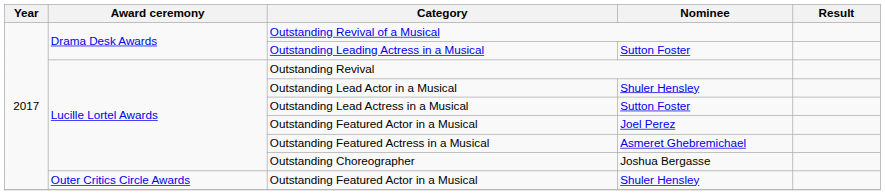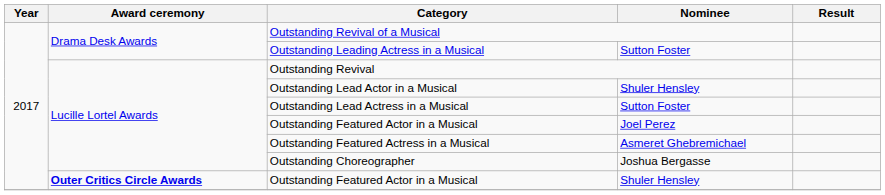 <table class="wikitable" width="95%">
 <tr>
 <th width="5%">Year</th>
 <th width="25%">Award ceremony</th>
 <th width="40%">Category</th>
 <th width="20%">Nominee</th>
 <th width="10%">Result</th>
 </tr>
 <tr>
 <td rowspan="9" align="center">2017</td>
 <td rowspan="2"><a href='#'>Drama Desk Awards</a></td>
 <td colspan="2"><a href='#'>Outstanding Revival of a Musical</a></td>
 <td></td>
 </tr>
 <tr>
 <td><a href='#'>Outstanding Leading Actress in a Musical</a></td>
 <td><a href='#'>Sutton Foster</a></td>
 <td></td>
 </tr>
 <tr>
 <td rowspan="6"><a href='#'>Lucille Lortel Awards</a></td>
 <td colspan="2">Outstanding Revival</td>
 <td></td>
 </tr>
 <tr>
 <td>Outstanding Lead Actor in a Musical</td>
 <td><a href='#'>Shuler Hensley</a></td>
 <td></td>
 </tr>
 <tr>
 <td>Outstanding Lead Actress in a Musical</td>
 <td><a href='#'>Sutton Foster</a></td>
 <td></td>
 </tr>
 <tr>
 <td>Outstanding Featured Actor in a Musical</td>
 <td><a href='#'>Joel Perez</a></td>
 <td></td>
 </tr>
 <tr>
 <td>Outstanding Featured Actress in a Musical</td>
 <td><a href='#'>Asmeret Ghebremichael</a></td>
 <td></td>
 </tr>
 <tr>
 <td>Outstanding Choreographer</td>
 <td>Joshua Bergasse</td>
 <td></td>
 </tr>
 <tr>
-<td><a href='#'>Outer Critics Circle Awards</a></td>
+<td><strong><a href='#'>Outer Critics Circle Awards</a></strong></td>
 <td>Outstanding Featured Actor in a Musical</td>
 <td><a href='#'>Shuler Hensley</a></td>
 <td></td>
 </tr>
 <tr>
 </tr>
 </table>
